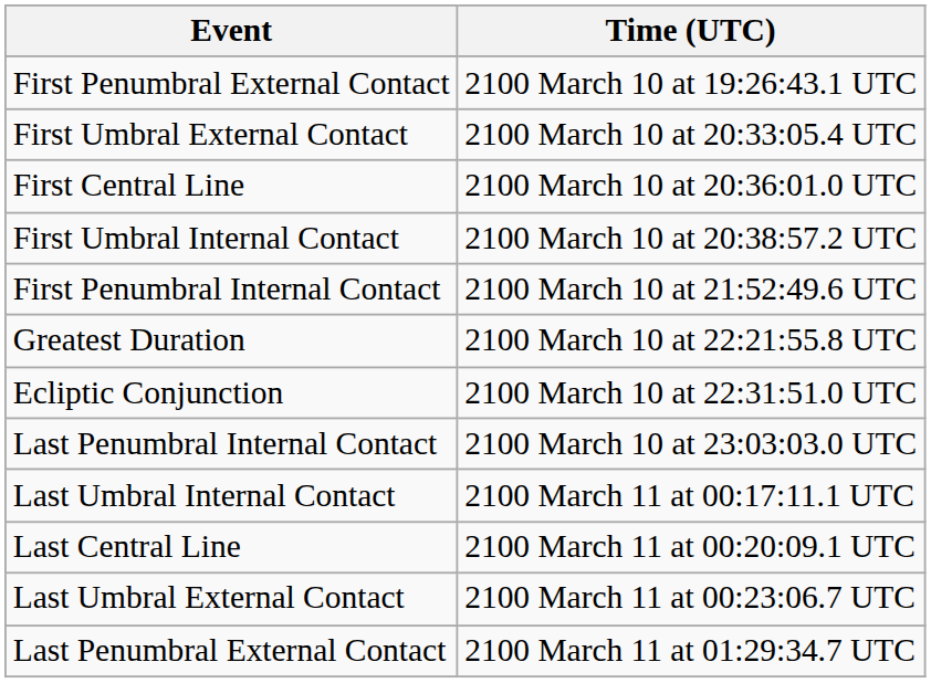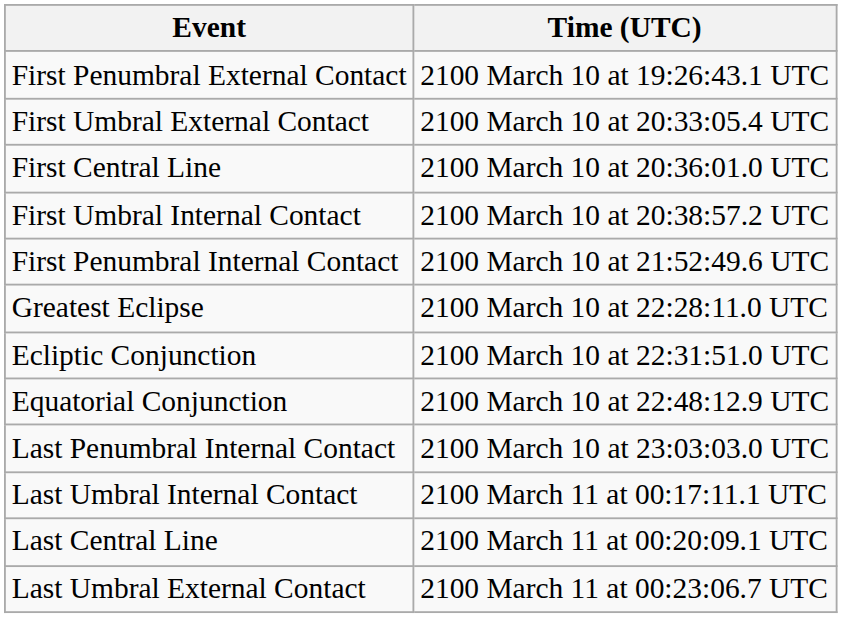 <table class="wikitable">
 <tr>
 <th>Event</th>
 <th>Time (UTC)</th>
 </tr>
 <tr>
 <td>First Penumbral External Contact</td>
 <td>2100 March 10 at 19:26:43.1 UTC</td>
 </tr>
 <tr>
 <td>First Umbral External Contact</td>
 <td>2100 March 10 at 20:33:05.4 UTC</td>
 </tr>
 <tr>
 <td>First Central Line</td>
 <td>2100 March 10 at 20:36:01.0 UTC</td>
 </tr>
 <tr>
 <td>First Umbral Internal Contact</td>
 <td>2100 March 10 at 20:38:57.2 UTC</td>
 </tr>
 <tr>
 <td>First Penumbral Internal Contact</td>
 <td>2100 March 10 at 21:52:49.6 UTC</td>
 </tr>
 <tr>
-<td>Greatest Duration</td>
-<td>2100 March 10 at 22:21:55.8 UTC</td>
+<td>Greatest Eclipse</td>
+<td>2100 March 10 at 22:28:11.0 UTC</td>
 </tr>
 <tr>
 <td>Ecliptic Conjunction</td>
 <td>2100 March 10 at 22:31:51.0 UTC</td>
+</tr>
+<tr>
+<td>Equatorial Conjunction</td>
+<td>2100 March 10 at 22:48:12.9 UTC</td>
 </tr>
 <tr>
 <td>Last Penumbral Internal Contact</td>
 <td>2100 March 10 at 23:03:03.0 UTC</td>
 </tr>
 <tr>
 <td>Last Umbral Internal Contact</td>
 <td>2100 March 11 at 00:17:11.1 UTC</td>
 </tr>
 <tr>
 <td>Last Central Line</td>
 <td>2100 March 11 at 00:20:09.1 UTC</td>
 </tr>
 <tr>
 <td>Last Umbral External Contact</td>
 <td>2100 March 11 at 00:23:06.7 UTC</td>
 </tr>
-<tr>
-<td>Last Penumbral External Contact</td>
-<td>2100 March 11 at 01:29:34.7 UTC</td>
-</tr>
 </table>
